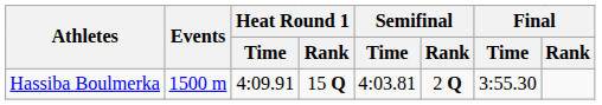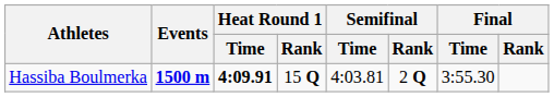 <table class=wikitable style=font-size:90%>
 <tr>
 <th rowspan=2>Athletes</th>
 <th rowspan=2>Events</th>
 <th colspan=2>Heat Round 1</th>
 <th colspan=2>Semifinal</th>
 <th colspan=2>Final</th>
 </tr>
 <tr>
 <th>Time</th>
 <th>Rank</th>
 <th>Time</th>
 <th>Rank</th>
 <th>Time</th>
 <th>Rank</th>
 </tr>
 <tr>
 <td><a href='#'>Hassiba Boulmerka</a></td>
-<td><a href='#'>1500 m</a></td>
-<td align=center>4:09.91</td>
+<td><strong><a href='#'>1500 m</a></strong></td>
+<td align=center><strong>4:09.91</strong></td>
 <td align=center>15 <strong>Q</strong></td>
 <td align=center>4:03.81</td>
 <td align=center>2 <strong>Q</strong></td>
 <td align=center>3:55.30</td>
 <td align=center></td>
 </tr>
 </table>
